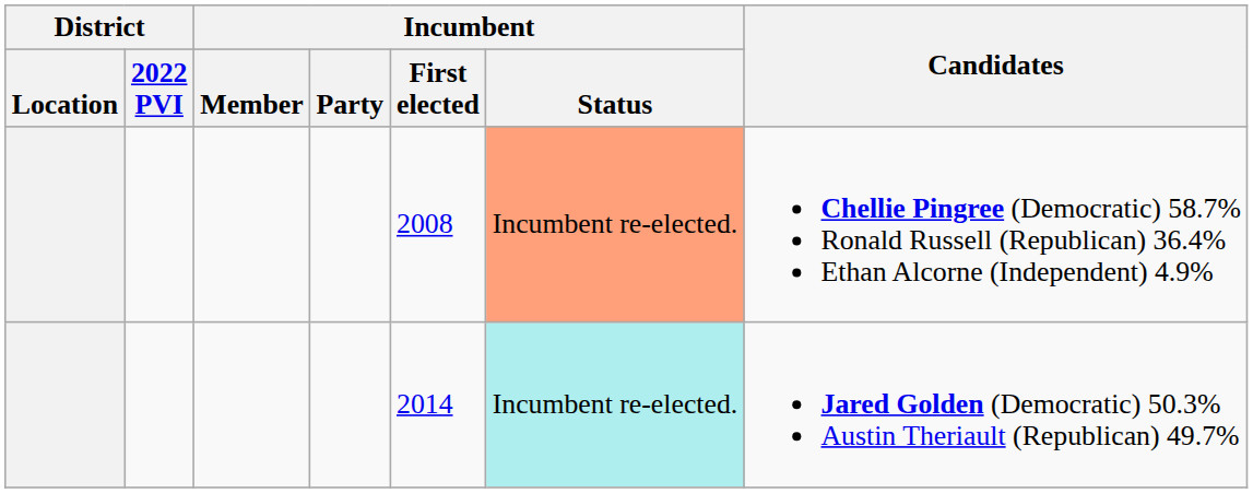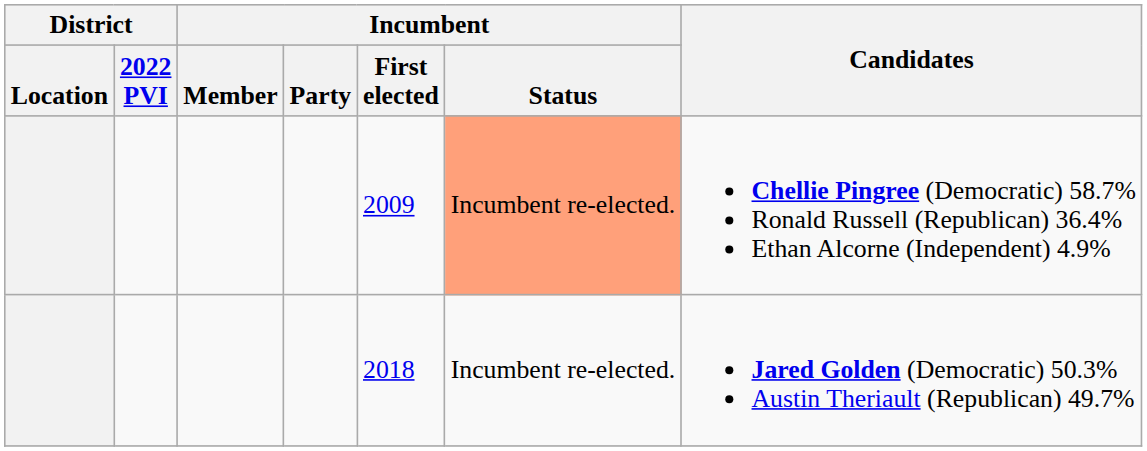 <table class="wikitable sortable">
 <tr>
 <th colspan=2>District</th>
 <th colspan=4>Incumbent</th>
 <th rowspan=2 class="unsortable">Candidates</th>
 </tr>
 <tr valign=bottom>
 <th>Location</th>
 <th><a href='#'>2022<br>PVI</a></th>
 <th>Member</th>
 <th>Party</th>
 <th>First<br>elected</th>
 <th>Status</th>
 </tr>
 <tr>
 <th></th>
 <td></td>
 <td></td>
 <td></td>
-<td><a href='#'>2008</a></td>
+<td><a href='#'>2009</a></td>
 <td style="background: lightsalmon;">Incumbent re-elected.</td>
 <td nowrap><br><ul><li> <strong><a href='#'>Chellie Pingree</a></strong> (Democratic) 58.7%</li><li>Ronald Russell (Republican) 36.4%</li><li>Ethan Alcorne (Independent) 4.9%</li></ul></td>
 </tr>
 <tr>
 <th></th>
 <td></td>
 <td></td>
 <td></td>
-<td><a href='#'>2014</a></td>
-<td style="background: paleturquoise;">Incumbent re-elected.</td>
+<td><a href='#'>2018</a></td>
+<td>Incumbent re-elected.</td>
 <td nowrap><br><ul><li> <strong><a href='#'>Jared Golden</a></strong> (Democratic) 50.3%</li><li><a href='#'>Austin Theriault</a> (Republican) 49.7%</li></ul></td>
 </tr>
 </table>
